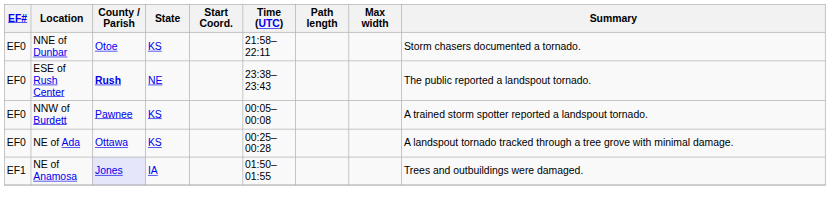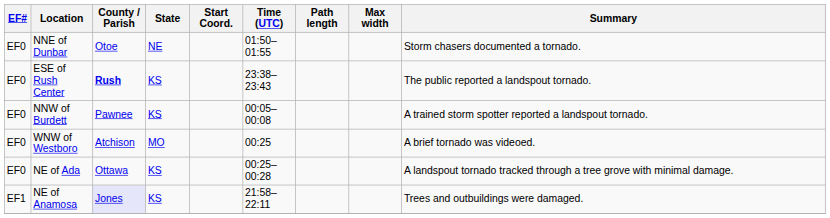 <table class="wikitable sortable" style="width:100%;">
 <tr>
 <th scope="col"  style="width:3%; text-align:center;"><a href='#'>EF#</a></th>
 <th scope="col"  style="width:7%; text-align:center;" class="unsortable">Location</th>
 <th scope="col"  style="width:6%; text-align:center;" class="unsortable">County / Parish</th>
 <th scope="col"  style="width:5%; text-align:center;">State</th>
 <th scope="col"  style="width:6%; text-align:center;">Start Coord.</th>
 <th scope="col"  style="width:6%; text-align:center;">Time (<a href='#'>UTC</a>)</th>
 <th scope="col"  style="width:6%; text-align:center;">Path length</th>
 <th scope="col"  style="width:6%; text-align:center;">Max width</th>
 <th scope="col" class="unsortable" style="width:48%; text-align:center;">Summary</th>
 </tr>
 <tr>
 <td>EF0</td>
 <td>NNE of <a href='#'>Dunbar</a></td>
 <td><a href='#'>Otoe</a></td>
-<td><a href='#'>KS</a></td>
+<td><a href='#'>NE</a></td>
 <td></td>
-<td>21:58–22:11</td>
+<td>01:50–01:55</td>
 <td></td>
 <td></td>
 <td>Storm chasers documented a tornado.</td>
 </tr>
 <tr>
 <td>EF0</td>
 <td>ESE of <a href='#'>Rush Center</a></td>
 <td><strong><a href='#'>Rush</a></strong></td>
-<td><a href='#'>NE</a></td>
+<td><a href='#'>KS</a></td>
 <td></td>
 <td>23:38–23:43</td>
 <td></td>
 <td></td>
 <td>The public reported a landspout tornado.</td>
 </tr>
 <tr>
 <td>EF0</td>
 <td>NNW of <a href='#'>Burdett</a></td>
 <td><a href='#'>Pawnee</a></td>
 <td><a href='#'>KS</a></td>
 <td></td>
 <td>00:05–00:08</td>
 <td></td>
 <td></td>
 <td>A trained storm spotter reported a landspout tornado.</td>
 </tr>
 <tr>
 <td>EF0</td>
+<td>WNW of <a href='#'>Westboro</a></td>
+<td><a href='#'>Atchison</a></td>
+<td><a href='#'>MO</a></td>
+<td></td>
+<td>00:25</td>
+<td></td>
+<td></td>
+<td>A brief tornado was videoed.</td>
+</tr>
+<tr>
+<td>EF0</td>
 <td>NE of <a href='#'>Ada</a></td>
 <td><a href='#'>Ottawa</a></td>
 <td><a href='#'>KS</a></td>
 <td></td>
 <td>00:25–00:28</td>
 <td></td>
 <td></td>
 <td>A landspout tornado tracked through a tree grove with minimal damage.</td>
 </tr>
 <tr>
 <td>EF1</td>
 <td>NE of <a href='#'>Anamosa</a></td>
 <td style="background: lavender;"><a href='#'>Jones</a></td>
-<td><a href='#'>IA</a></td>
+<td><a href='#'>KS</a></td>
 <td></td>
-<td>01:50–01:55</td>
+<td>21:58–22:11</td>
 <td></td>
 <td></td>
 <td>Trees and outbuildings were damaged.</td>
 </tr>
 <tr>
 </tr>
 </table>
